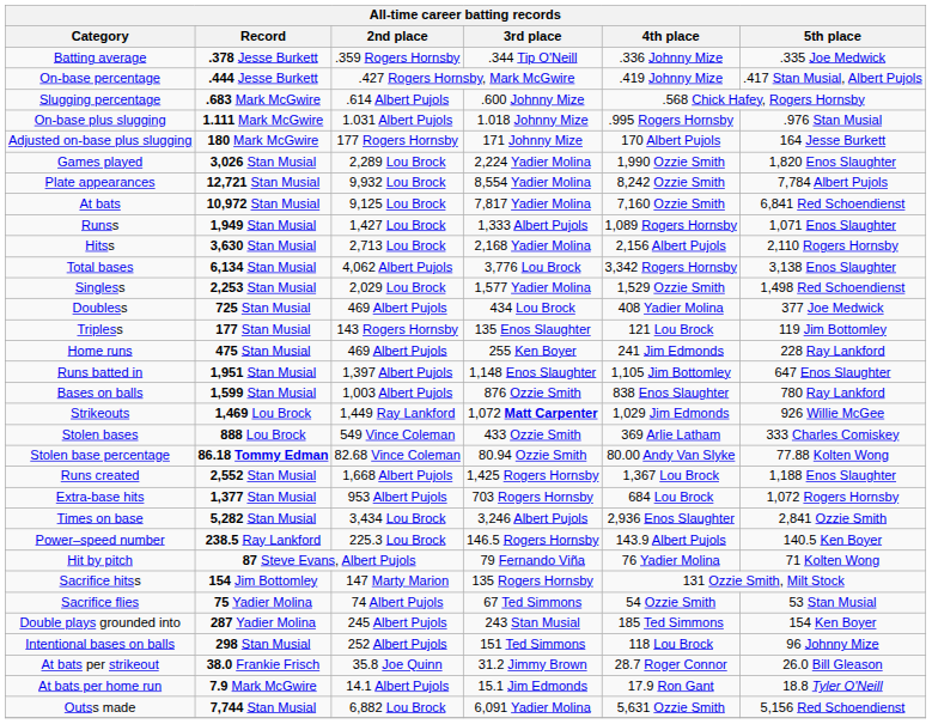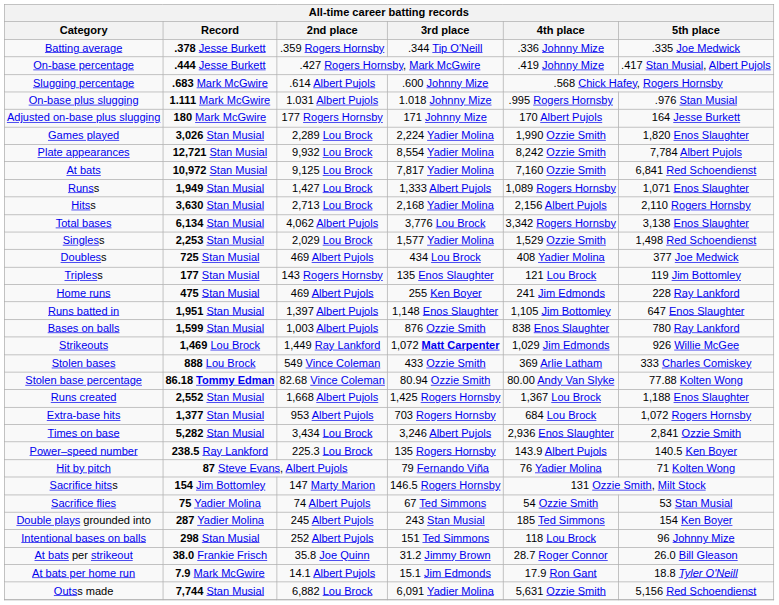 <table class="wikitable unsortable" style="text-align:center">
 <tr>
 <th colspan=6><strong>All-time career batting records</strong></th>
 </tr>
 <tr>
 <th scope="col">Category</th>
 <th scope="col">Record</th>
 <th scope="col">2nd place</th>
 <th scope="col">3rd place</th>
 <th scope="col">4th place</th>
 <th scope="col">5th place</th>
 </tr>
 <tr>
 <td><a href='#'>Batting average</a></td>
 <td><strong>.378</strong> <a href='#'>Jesse Burkett</a></td>
 <td>.359 <a href='#'>Rogers Hornsby</a></td>
 <td>.344 <a href='#'>Tip O'Neill</a></td>
 <td>.336 <a href='#'>Johnny Mize</a></td>
 <td>.335 <a href='#'>Joe Medwick</a></td>
 </tr>
 <tr>
 <td><a href='#'>On-base percentage</a></td>
 <td><strong>.444</strong> <a href='#'>Jesse Burkett</a></td>
 <td colspan="2" style="text-align: center;">.427 <a href='#'>Rogers Hornsby</a>, <a href='#'>Mark McGwire</a></td>
 <td>.419 <a href='#'>Johnny Mize</a></td>
 <td colspan="2" style="text-align: center;">.417 <a href='#'>Stan Musial</a>, <a href='#'>Albert Pujols</a></td>
 </tr>
 <tr>
 <td><a href='#'>Slugging percentage</a></td>
 <td><strong>.683</strong> <a href='#'>Mark McGwire</a></td>
 <td>.614 <a href='#'>Albert Pujols</a></td>
 <td>.600 <a href='#'>Johnny Mize</a></td>
 <td colspan="2" style="text-align: center;">.568 <a href='#'>Chick Hafey</a>, <a href='#'>Rogers Hornsby</a></td>
 </tr>
 <tr>
 <td><a href='#'>On-base plus slugging</a></td>
 <td><strong>1.111</strong> <a href='#'>Mark McGwire</a></td>
 <td>1.031 <a href='#'>Albert Pujols</a></td>
 <td>1.018 <a href='#'>Johnny Mize</a></td>
 <td>.995 <a href='#'>Rogers Hornsby</a></td>
 <td>.976 <a href='#'>Stan Musial</a></td>
 </tr>
 <tr>
 <td><a href='#'>Adjusted on-base plus slugging</a></td>
 <td><strong>180</strong> <a href='#'>Mark McGwire</a></td>
 <td>177 <a href='#'>Rogers Hornsby</a></td>
 <td>171 <a href='#'>Johnny Mize</a></td>
 <td>170 <a href='#'>Albert Pujols</a></td>
 <td>164 <a href='#'>Jesse Burkett</a></td>
 </tr>
 <tr>
 <td><a href='#'>Games played</a></td>
 <td><strong>3,026</strong> <a href='#'>Stan Musial</a></td>
 <td>2,289 <a href='#'>Lou Brock</a></td>
 <td>2,224 <a href='#'>Yadier Molina</a></td>
 <td>1,990 <a href='#'>Ozzie Smith</a></td>
 <td>1,820 <a href='#'>Enos Slaughter</a></td>
 </tr>
 <tr>
 <td><a href='#'>Plate appearances</a></td>
 <td><strong>12,721</strong> <a href='#'>Stan Musial</a></td>
 <td>9,932 <a href='#'>Lou Brock</a></td>
 <td>8,554 <a href='#'>Yadier Molina</a></td>
 <td>8,242 <a href='#'>Ozzie Smith</a></td>
 <td>7,784 <a href='#'>Albert Pujols</a></td>
 </tr>
 <tr>
 <td><a href='#'>At bats</a></td>
 <td><strong>10,972</strong> <a href='#'>Stan Musial</a></td>
 <td>9,125 <a href='#'>Lou Brock</a></td>
 <td>7,817 <a href='#'>Yadier Molina</a></td>
 <td>7,160 <a href='#'>Ozzie Smith</a></td>
 <td>6,841 <a href='#'>Red Schoendienst</a></td>
 </tr>
 <tr>
 <td><a href='#'>Runs</a>s</td>
 <td><strong>1,949</strong> <a href='#'>Stan Musial</a></td>
 <td>1,427 <a href='#'>Lou Brock</a></td>
 <td>1,333 <a href='#'>Albert Pujols</a></td>
 <td>1,089 <a href='#'>Rogers Hornsby</a></td>
 <td>1,071 <a href='#'>Enos Slaughter</a></td>
 </tr>
 <tr>
 <td><a href='#'>Hits</a>s</td>
 <td><strong>3,630</strong> <a href='#'>Stan Musial</a></td>
 <td>2,713 <a href='#'>Lou Brock</a></td>
 <td>2,168 <a href='#'>Yadier Molina</a></td>
 <td>2,156 <a href='#'>Albert Pujols</a></td>
 <td>2,110 <a href='#'>Rogers Hornsby</a></td>
 </tr>
 <tr>
 <td><a href='#'>Total bases</a></td>
 <td><strong>6,134</strong> <a href='#'>Stan Musial</a></td>
 <td>4,062 <a href='#'>Albert Pujols</a></td>
 <td>3,776 <a href='#'>Lou Brock</a></td>
 <td>3,342 <a href='#'>Rogers Hornsby</a></td>
 <td>3,138 <a href='#'>Enos Slaughter</a></td>
 </tr>
 <tr>
 <td><a href='#'>Singles</a>s</td>
 <td><strong>2,253</strong> <a href='#'>Stan Musial</a></td>
 <td>2,029 <a href='#'>Lou Brock</a></td>
 <td>1,577 <a href='#'>Yadier Molina</a></td>
 <td>1,529 <a href='#'>Ozzie Smith</a></td>
 <td>1,498 <a href='#'>Red Schoendienst</a></td>
 </tr>
 <tr>
 <td><a href='#'>Doubles</a>s</td>
 <td><strong>725</strong> <a href='#'>Stan Musial</a></td>
 <td>469 <a href='#'>Albert Pujols</a></td>
 <td>434 <a href='#'>Lou Brock</a></td>
 <td>408 <a href='#'>Yadier Molina</a></td>
 <td>377 <a href='#'>Joe Medwick</a></td>
 </tr>
 <tr>
 <td><a href='#'>Triples</a>s</td>
 <td><strong>177</strong> <a href='#'>Stan Musial</a></td>
 <td>143 <a href='#'>Rogers Hornsby</a></td>
 <td>135 <a href='#'>Enos Slaughter</a></td>
 <td>121 <a href='#'>Lou Brock</a></td>
 <td>119 <a href='#'>Jim Bottomley</a></td>
 </tr>
 <tr>
 <td><a href='#'>Home runs</a></td>
 <td><strong>475</strong> <a href='#'>Stan Musial</a></td>
 <td>469 <a href='#'>Albert Pujols</a></td>
 <td>255 <a href='#'>Ken Boyer</a></td>
 <td>241 <a href='#'>Jim Edmonds</a></td>
 <td>228 <a href='#'>Ray Lankford</a></td>
 </tr>
 <tr>
 <td><a href='#'>Runs batted in</a></td>
 <td><strong>1,951</strong> <a href='#'>Stan Musial</a></td>
 <td>1,397 <a href='#'>Albert Pujols</a></td>
 <td>1,148 <a href='#'>Enos Slaughter</a></td>
 <td>1,105 <a href='#'>Jim Bottomley</a></td>
 <td>647 <a href='#'>Enos Slaughter</a></td>
 </tr>
 <tr>
 <td><a href='#'>Bases on balls</a></td>
 <td><strong>1,599</strong> <a href='#'>Stan Musial</a></td>
 <td>1,003 <a href='#'>Albert Pujols</a></td>
 <td>876 <a href='#'>Ozzie Smith</a></td>
 <td>838 <a href='#'>Enos Slaughter</a></td>
 <td>780 <a href='#'>Ray Lankford</a></td>
 </tr>
 <tr>
 <td><a href='#'>Strikeouts</a></td>
 <td><strong>1,469</strong> <a href='#'>Lou Brock</a></td>
 <td>1,449 <a href='#'>Ray Lankford</a></td>
 <td>1,072 <strong><a href='#'>Matt Carpenter</a></strong></td>
 <td>1,029 <a href='#'>Jim Edmonds</a></td>
 <td>926 <a href='#'>Willie McGee</a></td>
 </tr>
 <tr>
 <td><a href='#'>Stolen bases</a></td>
 <td><strong>888</strong> <a href='#'>Lou Brock</a></td>
 <td>549 <a href='#'>Vince Coleman</a></td>
 <td>433 <a href='#'>Ozzie Smith</a></td>
 <td>369 <a href='#'>Arlie Latham</a></td>
 <td>333 <a href='#'>Charles Comiskey</a></td>
 </tr>
 <tr>
 <td><a href='#'>Stolen base percentage</a></td>
 <td><strong>86.18</strong> <strong><a href='#'>Tommy Edman</a></strong></td>
 <td>82.68 <a href='#'>Vince Coleman</a></td>
 <td>80.94 <a href='#'>Ozzie Smith</a></td>
 <td>80.00 <a href='#'>Andy Van Slyke</a></td>
 <td>77.88 <a href='#'>Kolten Wong</a></td>
 </tr>
 <tr>
 <td><a href='#'>Runs created</a></td>
 <td><strong>2,552</strong> <a href='#'>Stan Musial</a></td>
 <td>1,668 <a href='#'>Albert Pujols</a></td>
 <td>1,425 <a href='#'>Rogers Hornsby</a></td>
 <td>1,367 <a href='#'>Lou Brock</a></td>
 <td>1,188 <a href='#'>Enos Slaughter</a></td>
 </tr>
 <tr>
 <td><a href='#'>Extra-base hits</a></td>
 <td><strong>1,377</strong> <a href='#'>Stan Musial</a></td>
 <td>953 <a href='#'>Albert Pujols</a></td>
 <td>703 <a href='#'>Rogers Hornsby</a></td>
 <td>684 <a href='#'>Lou Brock</a></td>
 <td>1,072 <a href='#'>Rogers Hornsby</a></td>
 </tr>
 <tr>
 <td><a href='#'>Times on base</a></td>
 <td><strong>5,282</strong> <a href='#'>Stan Musial</a></td>
 <td>3,434 <a href='#'>Lou Brock</a></td>
 <td>3,246 <a href='#'>Albert Pujols</a></td>
 <td>2,936 <a href='#'>Enos Slaughter</a></td>
 <td>2,841 <a href='#'>Ozzie Smith</a></td>
 </tr>
 <tr>
 <td><a href='#'>Power–speed number</a></td>
 <td><strong>238.5</strong> <a href='#'>Ray Lankford</a></td>
 <td>225.3 <a href='#'>Lou Brock</a></td>
-<td>146.5 <a href='#'>Rogers Hornsby</a></td>
+<td>135 <a href='#'>Rogers Hornsby</a></td>
 <td>143.9 <a href='#'>Albert Pujols</a></td>
 <td>140.5 <a href='#'>Ken Boyer</a></td>
 </tr>
 <tr>
 <td><a href='#'>Hit by pitch</a></td>
 <td colspan="2" style="text-align: center;"><strong>87</strong> <a href='#'>Steve Evans</a>, <a href='#'>Albert Pujols</a></td>
 <td>79 <a href='#'>Fernando Viña</a></td>
 <td>76 <a href='#'>Yadier Molina</a></td>
 <td>71 <a href='#'>Kolten Wong</a></td>
 </tr>
 <tr>
 <td><a href='#'>Sacrifice hits</a>s</td>
 <td><strong>154</strong> <a href='#'>Jim Bottomley</a></td>
 <td>147 <a href='#'>Marty Marion</a></td>
-<td>135 <a href='#'>Rogers Hornsby</a></td>
+<td>146.5 <a href='#'>Rogers Hornsby</a></td>
 <td colspan="2" style="text-align: center;">131 <a href='#'>Ozzie Smith</a>, <a href='#'>Milt Stock</a></td>
 </tr>
 <tr>
 <td><a href='#'>Sacrifice flies</a></td>
 <td><strong>75</strong> <a href='#'>Yadier Molina</a></td>
 <td>74 <a href='#'>Albert Pujols</a></td>
 <td>67 <a href='#'>Ted Simmons</a></td>
 <td>54 <a href='#'>Ozzie Smith</a></td>
 <td>53 <a href='#'>Stan Musial</a></td>
 </tr>
 <tr>
 <td><a href='#'>Double plays</a> grounded into</td>
 <td><strong>287</strong> <a href='#'>Yadier Molina</a></td>
 <td>245 <a href='#'>Albert Pujols</a></td>
 <td>243 <a href='#'>Stan Musial</a></td>
 <td>185 <a href='#'>Ted Simmons</a></td>
 <td>154 <a href='#'>Ken Boyer</a></td>
 </tr>
 <tr>
 <td><a href='#'>Intentional bases on balls</a></td>
 <td><strong>298</strong> <a href='#'>Stan Musial</a></td>
 <td>252 <a href='#'>Albert Pujols</a></td>
 <td>151 <a href='#'>Ted Simmons</a></td>
 <td>118 <a href='#'>Lou Brock</a></td>
 <td>96 <a href='#'>Johnny Mize</a></td>
 </tr>
 <tr>
 <td><a href='#'>At bats</a> per <a href='#'>strikeout</a></td>
 <td><strong>38.0</strong> <a href='#'>Frankie Frisch</a></td>
 <td>35.8 <a href='#'>Joe Quinn</a></td>
 <td>31.2 <a href='#'>Jimmy Brown</a></td>
 <td>28.7 <a href='#'>Roger Connor</a></td>
 <td>26.0 <a href='#'>Bill Gleason</a></td>
 </tr>
 <tr>
 <td><a href='#'>At bats per home run</a></td>
 <td><strong>7.9</strong> <a href='#'>Mark McGwire</a></td>
 <td>14.1 <a href='#'>Albert Pujols</a></td>
 <td>15.1 <a href='#'>Jim Edmonds</a></td>
 <td>17.9 <a href='#'>Ron Gant</a></td>
 <td>18.8 <em><a href='#'>Tyler O'Neill</a></em></td>
 </tr>
 <tr>
 <td><a href='#'>Outs</a>s made</td>
 <td><strong>7,744</strong> <a href='#'>Stan Musial</a></td>
 <td>6,882 <a href='#'>Lou Brock</a></td>
 <td>6,091 <a href='#'>Yadier Molina</a></td>
 <td>5,631 <a href='#'>Ozzie Smith</a></td>
 <td>5,156 <a href='#'>Red Schoendienst</a></td>
 </tr>
 <tr>
 </tr>
 </table>
